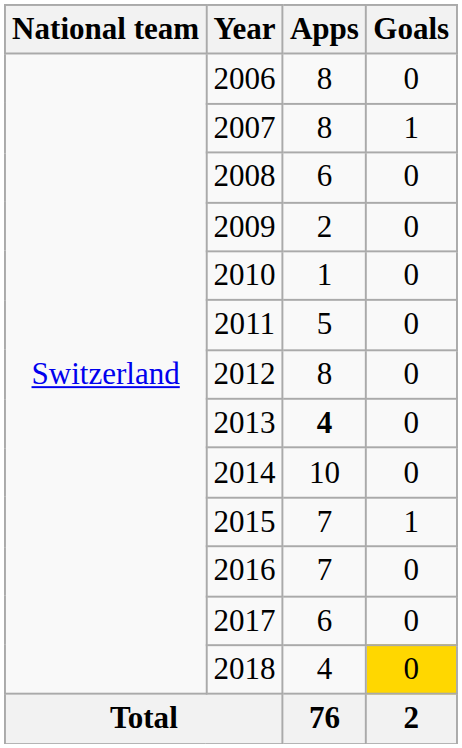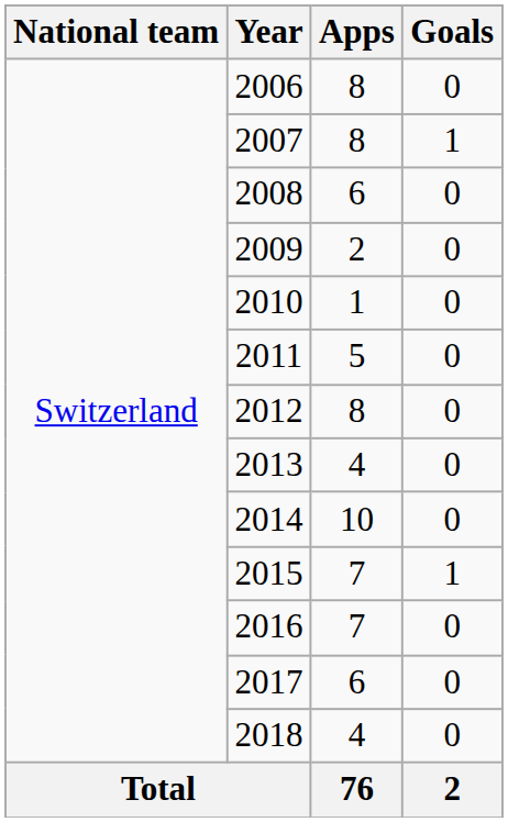 <table class="wikitable" style="text-align:center">
 <tr>
 <th>National team</th>
 <th>Year</th>
 <th>Apps</th>
 <th>Goals</th>
 </tr>
 <tr>
 <td rowspan="13"><a href='#'>Switzerland</a></td>
 <td>2006</td>
 <td>8</td>
 <td>0</td>
 </tr>
 <tr>
 <td>2007</td>
 <td>8</td>
 <td>1</td>
 </tr>
 <tr>
 <td>2008</td>
 <td>6</td>
 <td>0</td>
 </tr>
 <tr>
 <td>2009</td>
 <td>2</td>
 <td>0</td>
 </tr>
 <tr>
 <td>2010</td>
 <td>1</td>
 <td>0</td>
 </tr>
 <tr>
 <td>2011</td>
 <td>5</td>
 <td>0</td>
 </tr>
 <tr>
 <td>2012</td>
 <td>8</td>
 <td>0</td>
 </tr>
 <tr>
 <td>2013</td>
-<td><strong>4</strong></td>
+<td>4</td>
 <td>0</td>
 </tr>
 <tr>
 <td>2014</td>
 <td>10</td>
 <td>0</td>
 </tr>
 <tr>
 <td>2015</td>
 <td>7</td>
 <td>1</td>
 </tr>
 <tr>
 <td>2016</td>
 <td>7</td>
 <td>0</td>
 </tr>
 <tr>
 <td>2017</td>
 <td>6</td>
 <td>0</td>
 </tr>
 <tr>
 <td>2018</td>
 <td>4</td>
-<td style="background: gold;">0</td>
+<td>0</td>
 </tr>
 <tr>
 <th colspan="2">Total</th>
 <th>76</th>
 <th>2</th>
 </tr>
 </table>
